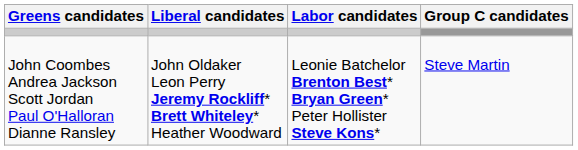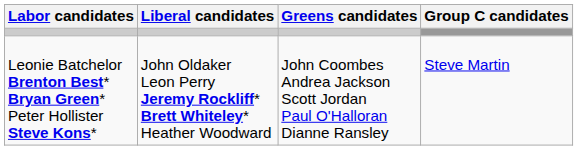 <table class="wikitable">
 <tr>
+<th><a href='#'>Labor</a> candidates</th>
+<th><a href='#'>Liberal</a> candidates</th>
 <th><a href='#'>Greens</a> candidates</th>
-<th><a href='#'>Liberal</a> candidates</th>
-<th><a href='#'>Labor</a> candidates</th>
 <th>Group C candidates</th>
 </tr>
 <tr bgcolor="#cccccc">
 <td></td>
 <td></td>
 <td></td>
 <td bgcolor="#999999"></td>
 </tr>
 <tr>
+<td><br>Leonie Batchelor<br> <strong><a href='#'>Brenton Best</a></strong>*<br> <strong><a href='#'>Bryan Green</a></strong>*<br> Peter Hollister<br> <strong><a href='#'>Steve Kons</a></strong>*</td>
+<td><br>John Oldaker<br> Leon Perry<br> <strong><a href='#'>Jeremy Rockliff</a></strong>*<br> <strong><a href='#'>Brett Whiteley</a></strong>*<br> Heather Woodward</td>
 <td valign=top><br>John Coombes<br> Andrea Jackson<br> Scott Jordan<br> <a href='#'>Paul O'Halloran</a><br> Dianne Ransley</td>
-<td><br>John Oldaker<br> Leon Perry<br> <strong><a href='#'>Jeremy Rockliff</a></strong>*<br> <strong><a href='#'>Brett Whiteley</a></strong>*<br> Heather Woodward</td>
-<td><br>Leonie Batchelor<br> <strong><a href='#'>Brenton Best</a></strong>*<br> <strong><a href='#'>Bryan Green</a></strong>*<br> Peter Hollister<br> <strong><a href='#'>Steve Kons</a></strong>*</td>
 <td valign=top><br><a href='#'>Steve Martin</a></td>
 </tr>
 </table>
